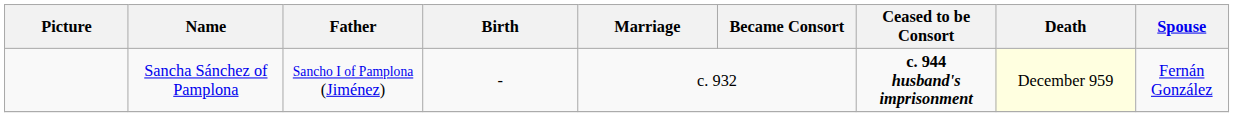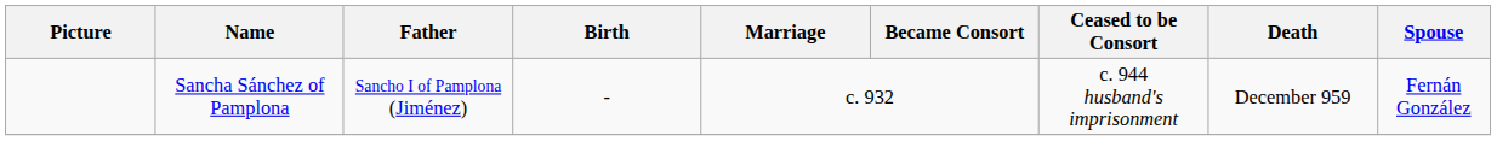 <table width=95% class="wikitable">
 <tr>
 <th width = "8%">Picture</th>
 <th width = "10%">Name</th>
 <th width = "9%">Father</th>
 <th width = "10%">Birth</th>
 <th width = "9%">Marriage</th>
 <th width = "9%">Became Consort</th>
 <th width = "9%">Ceased to be Consort</th>
 <th width = "9%">Death</th>
 <th width = "6%"><a href='#'>Spouse</a></th>
 </tr>
 <tr>
 <td align="center"></td>
 <td align="center"><a href='#'>Sancha Sánchez of Pamplona</a></td>
 <td align="center"><small><a href='#'>Sancho I of Pamplona</a></small><br>(<a href='#'>Jiménez</a>)</td>
 <td align="center">-</td>
 <td align="center" colspan="2">c. 932</td>
-<td align="center"><strong>c. 944<br><em>husband's imprisonment</em></strong></td>
-<td align="center" style="background: lightyellow;">December 959</td>
+<td align="center">c. 944<br><em>husband's imprisonment</em></td>
+<td align="center">December 959</td>
 <td align="center"><a href='#'>Fernán González</a></td>
 </tr>
 <tr>
 </tr>
 </table>
